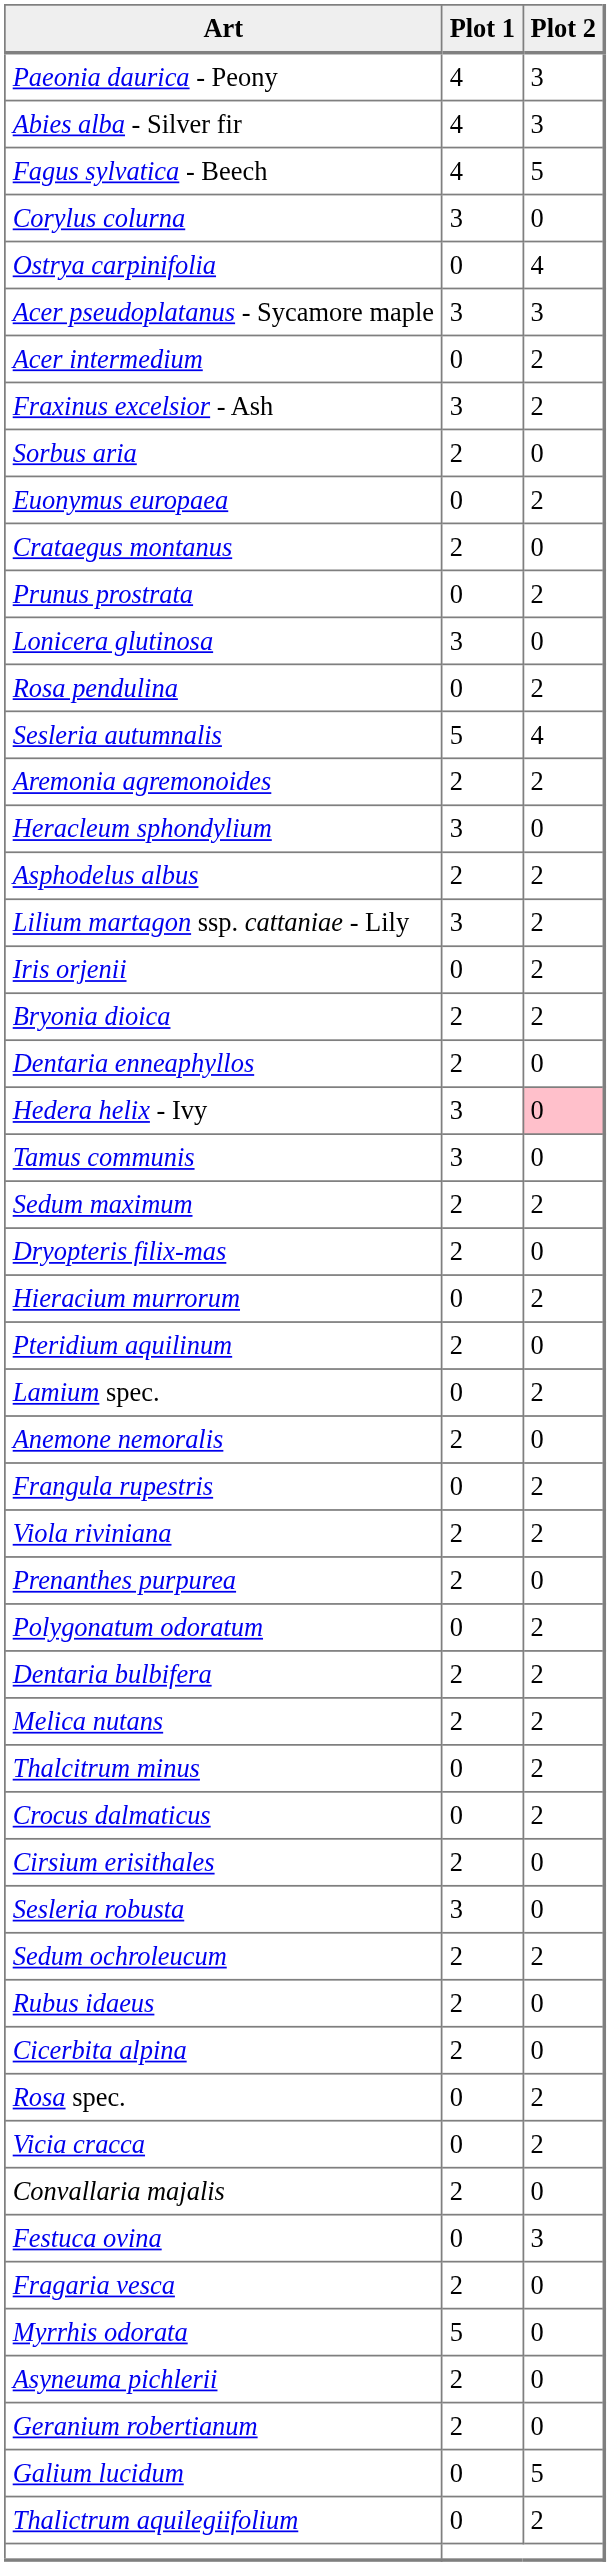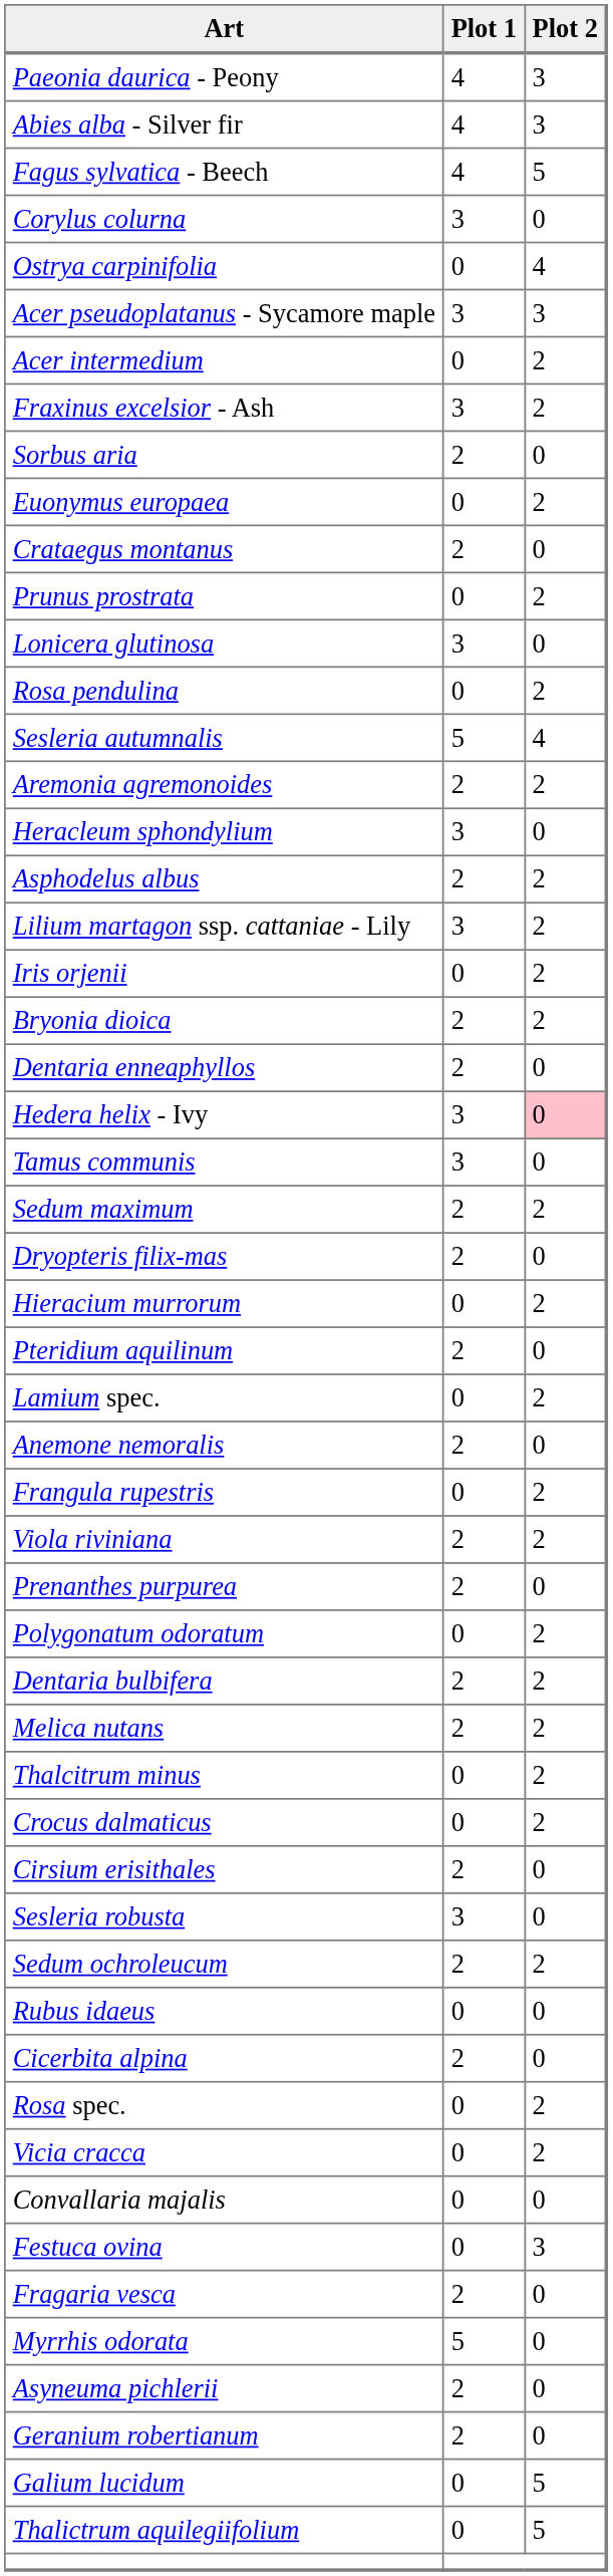 <table border=1 cellpadding=4 cellspacing=0 class="toccolours" style="align: left; margin: 0.5em 0 0 0; border-style: solid; border: 1px solid #7f7f7f; border-right-width: 2px; border-bottom-width: 2px; border-collapse: collapse; font-size: 95%;">
 <tr>
 <th style="background: #efefef; border-bottom: 2px solid gray;">Art</th>
 <th style="background: #efefef; border-bottom: 2px solid gray;">Plot 1</th>
 <th style="background: #efefef; border-bottom: 2px solid gray;">Plot 2</th>
 </tr>
 <tr>
 <td><em><a href='#'>Paeonia daurica</a></em> - Peony</td>
 <td>4</td>
 <td>3</td>
 </tr>
 <tr>
 <td><em><a href='#'>Abies alba</a></em> - Silver fir</td>
 <td>4</td>
 <td>3</td>
 </tr>
 <tr>
 <td><em><a href='#'>Fagus sylvatica</a></em> - Beech</td>
 <td>4</td>
 <td>5</td>
 </tr>
 <tr>
 <td><em><a href='#'>Corylus colurna</a></em></td>
 <td>3</td>
 <td>0</td>
 </tr>
 <tr>
 <td><em><a href='#'>Ostrya carpinifolia</a></em></td>
 <td>0</td>
 <td>4</td>
 </tr>
 <tr>
 <td><em><a href='#'>Acer pseudoplatanus</a></em> - Sycamore maple</td>
 <td>3</td>
 <td>3</td>
 </tr>
 <tr>
 <td><em><a href='#'>Acer intermedium</a></em></td>
 <td>0</td>
 <td>2</td>
 </tr>
 <tr>
 <td><em><a href='#'>Fraxinus excelsior</a></em> - Ash</td>
 <td>3</td>
 <td>2</td>
 </tr>
 <tr>
 <td><em><a href='#'>Sorbus aria</a></em></td>
 <td>2</td>
 <td>0</td>
 </tr>
 <tr>
 <td><em><a href='#'>Euonymus europaea</a></em></td>
 <td>0</td>
 <td>2</td>
 </tr>
 <tr>
 <td><em><a href='#'>Crataegus montanus</a></em></td>
 <td>2</td>
 <td>0</td>
 </tr>
 <tr>
 <td><em><a href='#'>Prunus prostrata</a></em></td>
 <td>0</td>
 <td>2</td>
 </tr>
 <tr>
 <td><em><a href='#'>Lonicera glutinosa</a></em></td>
 <td>3</td>
 <td>0</td>
 </tr>
 <tr>
 <td><em><a href='#'>Rosa pendulina</a></em></td>
 <td>0</td>
 <td>2</td>
 </tr>
 <tr>
 <td><em><a href='#'>Sesleria autumnalis</a></em></td>
 <td>5</td>
 <td>4</td>
 </tr>
 <tr>
 <td><em><a href='#'>Aremonia agremonoides</a></em></td>
 <td>2</td>
 <td>2</td>
 </tr>
 <tr>
 <td><em><a href='#'>Heracleum sphondylium</a></em></td>
 <td>3</td>
 <td>0</td>
 </tr>
 <tr>
 <td><em><a href='#'>Asphodelus albus</a></em></td>
 <td>2</td>
 <td>2</td>
 </tr>
 <tr>
 <td><em><a href='#'>Lilium martagon</a></em> ssp. <em>cattaniae</em> - Lily</td>
 <td>3</td>
 <td>2</td>
 </tr>
 <tr>
 <td><em><a href='#'>Iris orjenii</a></em></td>
 <td>0</td>
 <td>2</td>
 </tr>
 <tr>
 <td><em><a href='#'>Bryonia dioica</a></em></td>
 <td>2</td>
 <td>2</td>
 </tr>
 <tr>
 <td><em><a href='#'>Dentaria enneaphyllos</a></em></td>
 <td>2</td>
 <td>0</td>
 </tr>
 <tr>
 <td><em><a href='#'>Hedera helix</a></em> - Ivy</td>
 <td>3</td>
 <td style="background: pink;">0</td>
 </tr>
 <tr>
 <td><em><a href='#'>Tamus communis</a></em></td>
 <td>3</td>
 <td>0</td>
 </tr>
 <tr>
 <td><em><a href='#'>Sedum maximum</a></em></td>
 <td>2</td>
 <td>2</td>
 </tr>
 <tr>
 <td><em><a href='#'>Dryopteris filix-mas</a></em></td>
 <td>2</td>
 <td>0</td>
 </tr>
 <tr>
 <td><em><a href='#'>Hieracium murrorum</a></em></td>
 <td>0</td>
 <td>2</td>
 </tr>
 <tr>
 <td><em><a href='#'>Pteridium aquilinum</a></em></td>
 <td>2</td>
 <td>0</td>
 </tr>
 <tr>
 <td><em><a href='#'>Lamium</a></em> spec.</td>
 <td>0</td>
 <td>2</td>
 </tr>
 <tr>
 <td><em><a href='#'>Anemone nemoralis</a></em></td>
 <td>2</td>
 <td>0</td>
 </tr>
 <tr>
 <td><em><a href='#'>Frangula rupestris</a></em></td>
 <td>0</td>
 <td>2</td>
 </tr>
 <tr>
 <td><em><a href='#'>Viola riviniana</a></em></td>
 <td>2</td>
 <td>2</td>
 </tr>
 <tr>
 <td><em><a href='#'>Prenanthes purpurea</a></em></td>
 <td>2</td>
 <td>0</td>
 </tr>
 <tr>
 <td><em><a href='#'>Polygonatum odoratum</a></em></td>
 <td>0</td>
 <td>2</td>
 </tr>
 <tr>
 <td><em><a href='#'>Dentaria bulbifera</a></em></td>
 <td>2</td>
 <td>2</td>
 </tr>
 <tr>
 <td><em><a href='#'>Melica nutans</a></em></td>
 <td>2</td>
 <td>2</td>
 </tr>
 <tr>
 <td><em><a href='#'>Thalcitrum minus</a></em></td>
 <td>0</td>
 <td>2</td>
 </tr>
 <tr>
 <td><em><a href='#'>Crocus dalmaticus</a></em></td>
 <td>0</td>
 <td>2</td>
 </tr>
 <tr>
 <td><em><a href='#'>Cirsium erisithales</a></em></td>
 <td>2</td>
 <td>0</td>
 </tr>
 <tr>
 <td><em><a href='#'>Sesleria robusta</a></em></td>
 <td>3</td>
 <td>0</td>
 </tr>
 <tr>
 <td><em><a href='#'>Sedum ochroleucum</a></em></td>
 <td>2</td>
 <td>2</td>
 </tr>
 <tr>
 <td><em><a href='#'>Rubus idaeus</a></em></td>
-<td>2</td>
+<td>0</td>
 <td>0</td>
 </tr>
 <tr>
 <td><em><a href='#'>Cicerbita alpina</a></em></td>
 <td>2</td>
 <td>0</td>
 </tr>
 <tr>
 <td><em><a href='#'>Rosa</a></em> spec.</td>
 <td>0</td>
 <td>2</td>
 </tr>
 <tr>
 <td><em><a href='#'>Vicia cracca</a></em></td>
 <td>0</td>
 <td>2</td>
 </tr>
 <tr>
 <td><em>Convallaria majalis</em></td>
-<td>2</td>
+<td>0</td>
 <td>0</td>
 </tr>
 <tr>
 <td><em><a href='#'>Festuca ovina</a></em></td>
 <td>0</td>
 <td>3</td>
 </tr>
 <tr>
 <td><em><a href='#'>Fragaria vesca</a></em></td>
 <td>2</td>
 <td>0</td>
 </tr>
 <tr>
 <td><em><a href='#'>Myrrhis odorata</a></em></td>
 <td>5</td>
 <td>0</td>
 </tr>
 <tr>
 <td><em><a href='#'>Asyneuma pichlerii</a></em></td>
 <td>2</td>
 <td>0</td>
 </tr>
 <tr>
 <td><em><a href='#'>Geranium robertianum</a></em></td>
 <td>2</td>
 <td>0</td>
 </tr>
 <tr>
 <td><em><a href='#'>Galium lucidum</a></em></td>
 <td>0</td>
 <td>5</td>
 </tr>
 <tr>
 <td><em><a href='#'>Thalictrum aquilegiifolium</a></em></td>
 <td>0</td>
-<td>2</td>
+<td>5</td>
 </tr>
 <tr>
 <td></td>
 </tr>
 </table>
